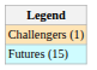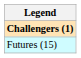 <table class="wikitable">
 <tr>
 <th>Legend</th>
 </tr>
 <tr bgcolor="moccasin">
-<td>Challengers (1)</td>
+<td><strong>Challengers (1)</strong></td>
 </tr>
 <tr bgcolor="CFFCFF">
 <td>Futures (15)</td>
 </tr>
 </table>
